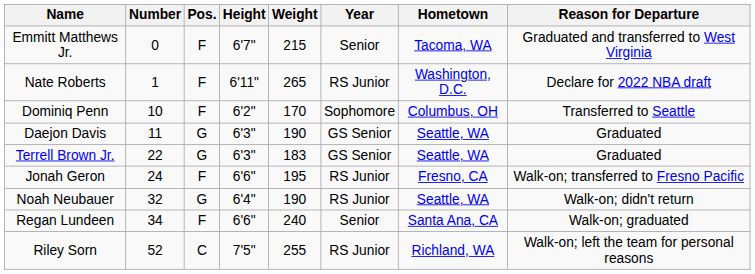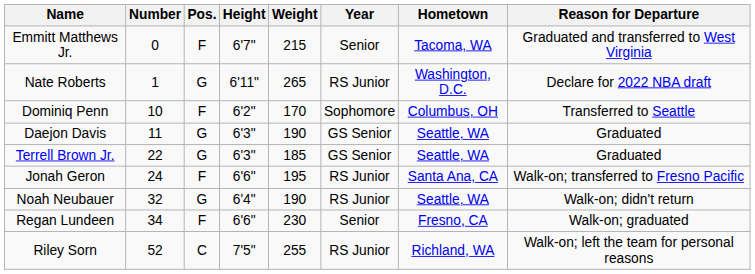 <table class="wikitable sortable sortable" style="text-align: center">
 <tr align=center>
 <th>Name</th>
 <th>Number</th>
 <th>Pos.</th>
 <th>Height</th>
 <th>Weight</th>
 <th>Year</th>
 <th>Hometown</th>
 <th>Reason for Departure</th>
 </tr>
 <tr>
 <td>Emmitt Matthews Jr.</td>
 <td>0</td>
 <td>F</td>
 <td>6'7"</td>
 <td>215</td>
 <td>Senior</td>
 <td><a href='#'>Tacoma, WA</a></td>
 <td>Graduated and transferred to <a href='#'>West Virginia</a></td>
 </tr>
 <tr>
 <td>Nate Roberts</td>
 <td>1</td>
-<td>F</td>
+<td>G</td>
 <td>6'11"</td>
 <td>265</td>
 <td>RS Junior</td>
 <td><a href='#'>Washington, D.C.</a></td>
 <td>Declare for <a href='#'>2022 NBA draft</a></td>
 </tr>
 <tr>
 <td>Dominiq Penn</td>
 <td>10</td>
 <td>F</td>
 <td>6'2"</td>
 <td>170</td>
 <td>Sophomore</td>
 <td><a href='#'>Columbus, OH</a></td>
 <td>Transferred to <a href='#'>Seattle</a></td>
 </tr>
 <tr>
 <td>Daejon Davis</td>
 <td>11</td>
 <td>G</td>
 <td>6'3"</td>
 <td>190</td>
 <td>GS Senior</td>
 <td><a href='#'>Seattle, WA</a></td>
 <td>Graduated</td>
 </tr>
 <tr>
 <td><a href='#'>Terrell Brown Jr.</a></td>
 <td>22</td>
 <td>G</td>
 <td>6'3"</td>
-<td>183</td>
+<td>185</td>
 <td>GS Senior</td>
 <td><a href='#'>Seattle, WA</a></td>
 <td>Graduated</td>
 </tr>
 <tr>
 <td>Jonah Geron</td>
 <td>24</td>
 <td>F</td>
 <td>6'6"</td>
 <td>195</td>
 <td>RS Junior</td>
-<td><a href='#'>Fresno, CA</a></td>
+<td><a href='#'>Santa Ana, CA</a></td>
 <td>Walk-on; transferred to <a href='#'>Fresno Pacific</a></td>
 </tr>
 <tr>
 <td>Noah Neubauer</td>
 <td>32</td>
 <td>G</td>
 <td>6'4"</td>
 <td>190</td>
 <td>RS Junior</td>
 <td><a href='#'>Seattle, WA</a></td>
 <td>Walk-on; didn't return</td>
 </tr>
 <tr>
 <td>Regan Lundeen</td>
 <td>34</td>
 <td>F</td>
 <td>6'6"</td>
-<td>240</td>
+<td>230</td>
 <td>Senior</td>
-<td><a href='#'>Santa Ana, CA</a></td>
+<td><a href='#'>Fresno, CA</a></td>
 <td>Walk-on; graduated</td>
 </tr>
 <tr>
 <td>Riley Sorn</td>
 <td>52</td>
 <td>C</td>
 <td>7'5"</td>
 <td>255</td>
 <td>RS Junior</td>
 <td><a href='#'>Richland, WA</a></td>
 <td>Walk-on; left the team for personal reasons</td>
 </tr>
 </table>
